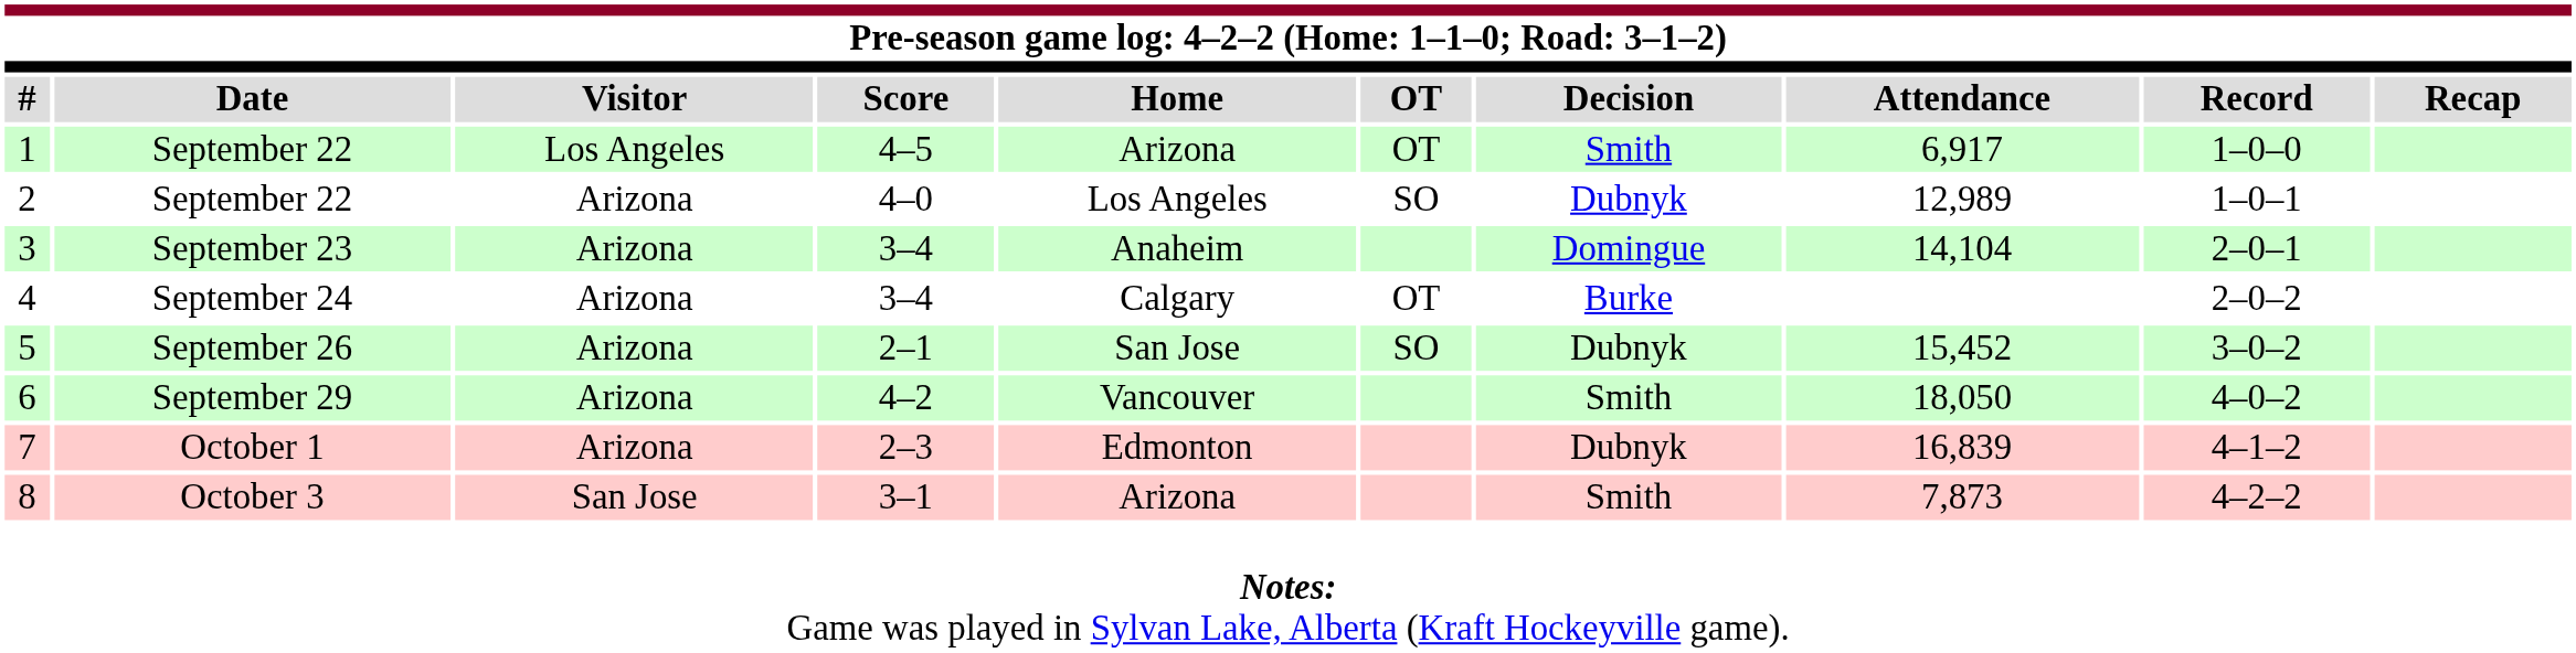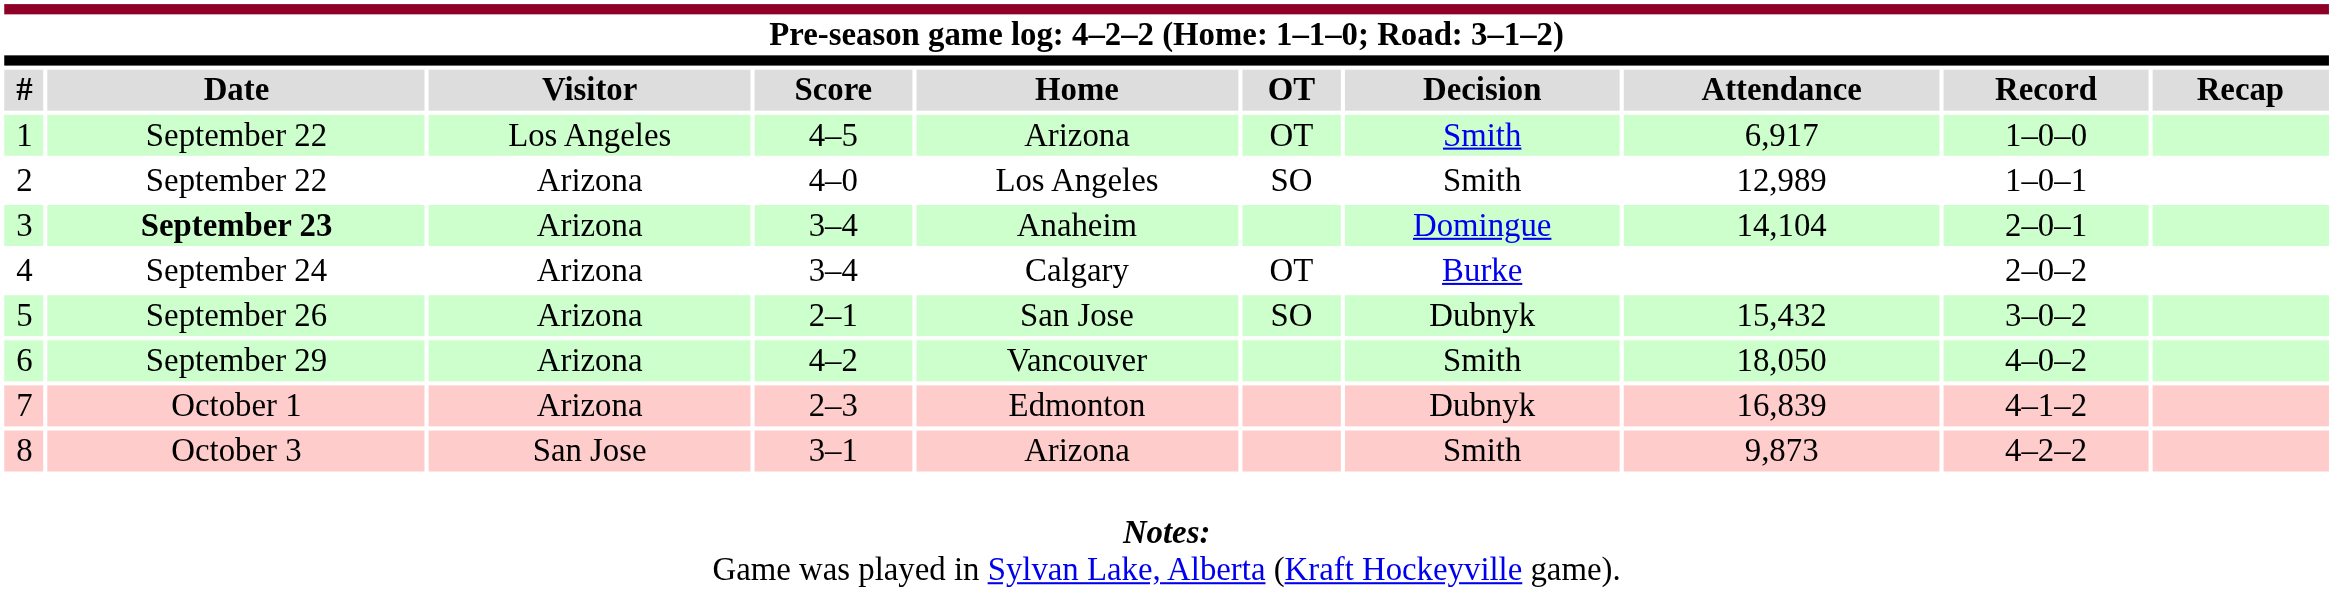 <table class="toccolours collapsible collapsed" style="width:90%; clear:both; margin:1.5em auto; text-align:center;">
 <tr>
 <th colspan=10 style="background:#fff; border-top:#8E0028 5px solid; border-bottom:#000000 5px solid;">Pre-season game log: 4–2–2 (Home: 1–1–0; Road: 3–1–2)</th>
 </tr>
 <tr style="text-align:center; background:#ddd;">
 <th>#</th>
 <th>Date</th>
 <th>Visitor</th>
 <th>Score</th>
 <th>Home</th>
 <th>OT</th>
 <th>Decision</th>
 <th>Attendance</th>
 <th>Record</th>
 <th>Recap</th>
 </tr>
 <tr style="text-align:center; background:#cfc;">
 <td>1</td>
 <td>September 22</td>
 <td>Los Angeles</td>
 <td>4–5</td>
 <td>Arizona</td>
 <td>OT</td>
 <td><a href='#'>Smith</a></td>
 <td>6,917</td>
 <td>1–0–0</td>
 <td></td>
 </tr>
 <tr style="text-align:center; background:#fff;">
 <td>2</td>
 <td>September 22</td>
 <td>Arizona</td>
 <td>4–0</td>
 <td>Los Angeles</td>
 <td>SO</td>
-<td><a href='#'>Dubnyk</a></td>
+<td>Smith</td>
 <td>12,989</td>
 <td>1–0–1</td>
 <td></td>
 </tr>
 <tr style="text-align:center; background:#cfc;">
 <td>3</td>
-<td>September 23</td>
+<td><strong>September 23</strong></td>
 <td>Arizona</td>
 <td>3–4</td>
 <td>Anaheim</td>
 <td></td>
 <td><a href='#'>Domingue</a></td>
 <td>14,104</td>
 <td>2–0–1</td>
 <td></td>
 </tr>
 <tr style="text-align:center; background:#fff;">
 <td>4</td>
 <td>September 24</td>
 <td>Arizona</td>
 <td>3–4</td>
 <td>Calgary</td>
 <td>OT</td>
 <td><a href='#'>Burke</a></td>
 <td></td>
 <td>2–0–2</td>
 <td></td>
 </tr>
 <tr style="text-align:center; background:#cfc;">
 <td>5</td>
 <td>September 26</td>
 <td>Arizona</td>
 <td>2–1</td>
 <td>San Jose</td>
 <td>SO</td>
 <td>Dubnyk</td>
-<td>15,452</td>
+<td>15,432</td>
 <td>3–0–2</td>
 <td></td>
 </tr>
 <tr style="text-align:center; background:#cfc;">
 <td>6</td>
 <td>September 29</td>
 <td>Arizona</td>
 <td>4–2</td>
 <td>Vancouver</td>
 <td></td>
 <td>Smith</td>
 <td>18,050</td>
 <td>4–0–2</td>
 <td></td>
 </tr>
 <tr style="text-align:center; background:#fcc;">
 <td>7</td>
 <td>October 1</td>
 <td>Arizona</td>
 <td>2–3</td>
 <td>Edmonton</td>
 <td></td>
 <td>Dubnyk</td>
 <td>16,839</td>
 <td>4–1–2</td>
 <td></td>
 </tr>
 <tr style="text-align:center; background:#fcc;">
 <td>8</td>
 <td>October 3</td>
 <td>San Jose</td>
 <td>3–1</td>
 <td>Arizona</td>
 <td></td>
 <td>Smith</td>
-<td>7,873</td>
+<td>9,873</td>
 <td>4–2–2</td>
 <td></td>
 </tr>
 <tr>
 <td colspan="10" style="text-align:center;"><br><strong><em>Notes:</em></strong><br> Game was played in <a href='#'>Sylvan Lake, Alberta</a> (<a href='#'>Kraft Hockeyville</a> game).</td>
 </tr>
 </table>
